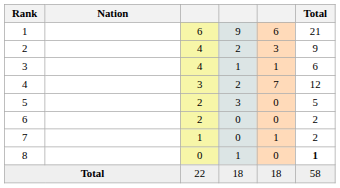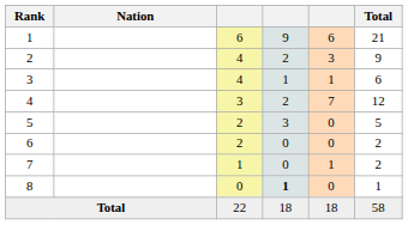 <table class=wikitable width=35% cellspacing="1" cellpadding="3" style="border:1px solid #AAAAAA;font-size:90%">
 <tr bgcolor="#EFEFEF">
 <th width=50>Rank</th>
 <th width=200>Nation</th>
 <th width=50></th>
 <th width=50></th>
 <th width=50></th>
 <th width=50>Total</th>
 </tr>
 <tr align="center" valign="top" bgcolor="#FFFFFF">
 <td rowspan="1" valign="center">1</td>
 <td align="left"></td>
 <td style="background:#F7F6A8;">6</td>
 <td style="background:#DCE5E5;">9</td>
 <td style="background:#FFDAB9;">6</td>
 <td>21</td>
 </tr>
 <tr align="center" valign="top" bgcolor="#FFFFFF">
 <td rowspan="1" valign="center">2</td>
 <td align="left"></td>
 <td style="background:#F7F6A8;">4</td>
 <td style="background:#DCE5E5;">2</td>
 <td style="background:#FFDAB9;">3</td>
 <td>9</td>
 </tr>
 <tr align="center" valign="top" bgcolor="#FFFFFF">
 <td rowspan="1" valign="center">3</td>
 <td align="left"></td>
 <td style="background:#F7F6A8;">4</td>
 <td style="background:#DCE5E5;">1</td>
 <td style="background:#FFDAB9;">1</td>
 <td>6</td>
 </tr>
 <tr align="center" valign="top" bgcolor="#FFFFFF">
 <td rowspan="1" valign="center">4</td>
 <td align="left"></td>
 <td style="background:#F7F6A8;">3</td>
 <td style="background:#DCE5E5;">2</td>
 <td style="background:#FFDAB9;">7</td>
 <td>12</td>
 </tr>
 <tr align="center" valign="top" bgcolor="#FFFFFF">
 <td rowspan="1" valign="center">5</td>
 <td align="left"></td>
 <td style="background:#F7F6A8;">2</td>
 <td style="background:#DCE5E5;">3</td>
 <td style="background:#FFDAB9;">0</td>
 <td>5</td>
 </tr>
 <tr align="center" valign="top" bgcolor="#FFFFFF">
 <td rowspan="1" valign="center">6</td>
 <td align="left"></td>
 <td style="background:#F7F6A8;">2</td>
 <td style="background:#DCE5E5;">0</td>
 <td style="background:#FFDAB9;">0</td>
 <td>2</td>
 </tr>
 <tr align="center" valign="top" bgcolor="#FFFFFF">
 <td rowspan="1" valign="center">7</td>
 <td align="left"></td>
 <td style="background:#F7F6A8;">1</td>
 <td style="background:#DCE5E5;">0</td>
 <td style="background:#FFDAB9;">1</td>
 <td>2</td>
 </tr>
 <tr align="center" valign="top" bgcolor="#FFFFFF">
 <td rowspan="1" valign="center">8</td>
 <td align="left"></td>
 <td style="background:#F7F6A8;">0</td>
-<td style="background:#DCE5E5;">1</td>
+<td style="background:#DCE5E5;"><strong>1</strong></td>
 <td style="background:#FFDAB9;">0</td>
-<td><strong>1</strong></td>
+<td>1</td>
 </tr>
 <tr align="center" valign="top" bgcolor="#EFEFEF">
 <td colspan="2" rowspan="1" valign="center"><strong>Total</strong></td>
 <td>22</td>
 <td>18</td>
 <td>18</td>
 <td>58</td>
 </tr>
 </table>
